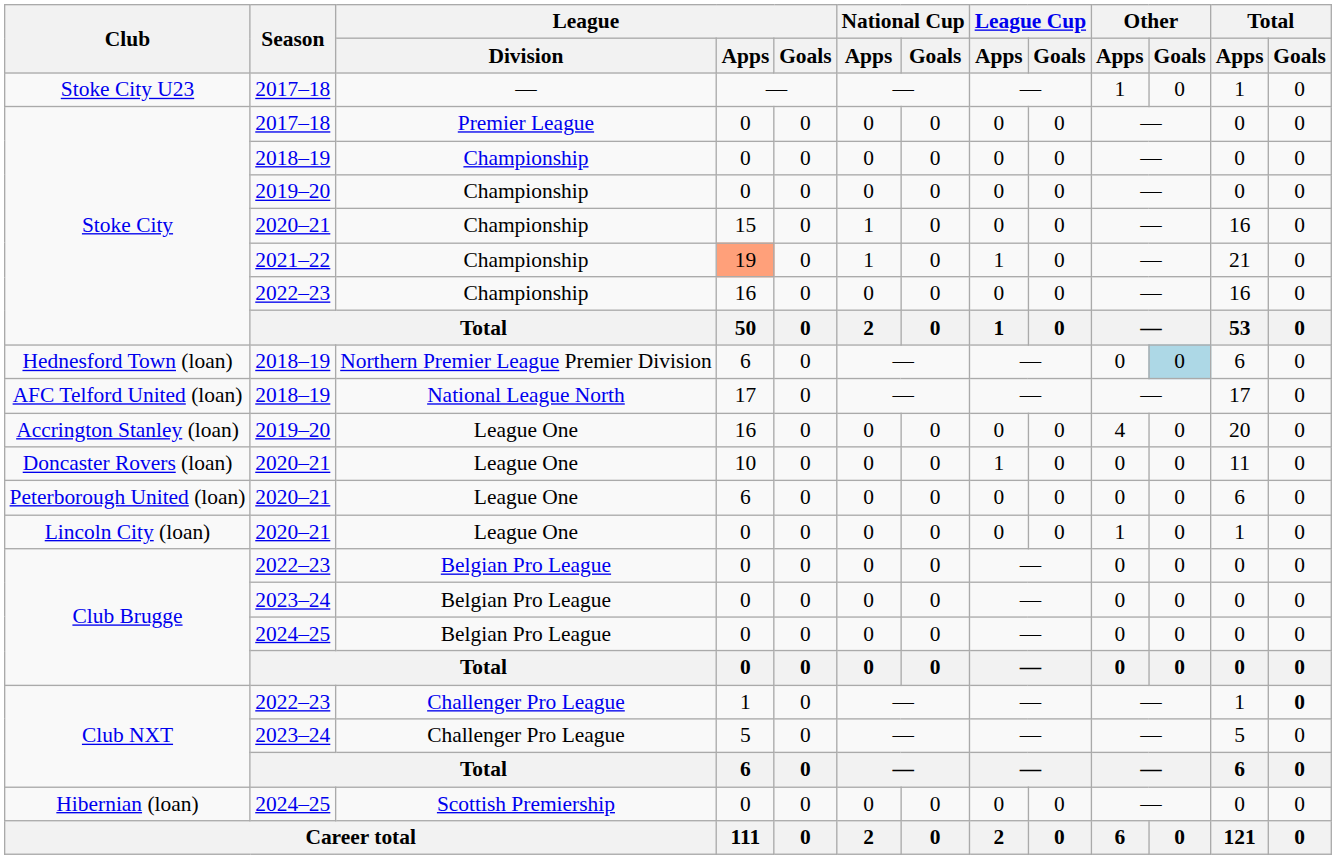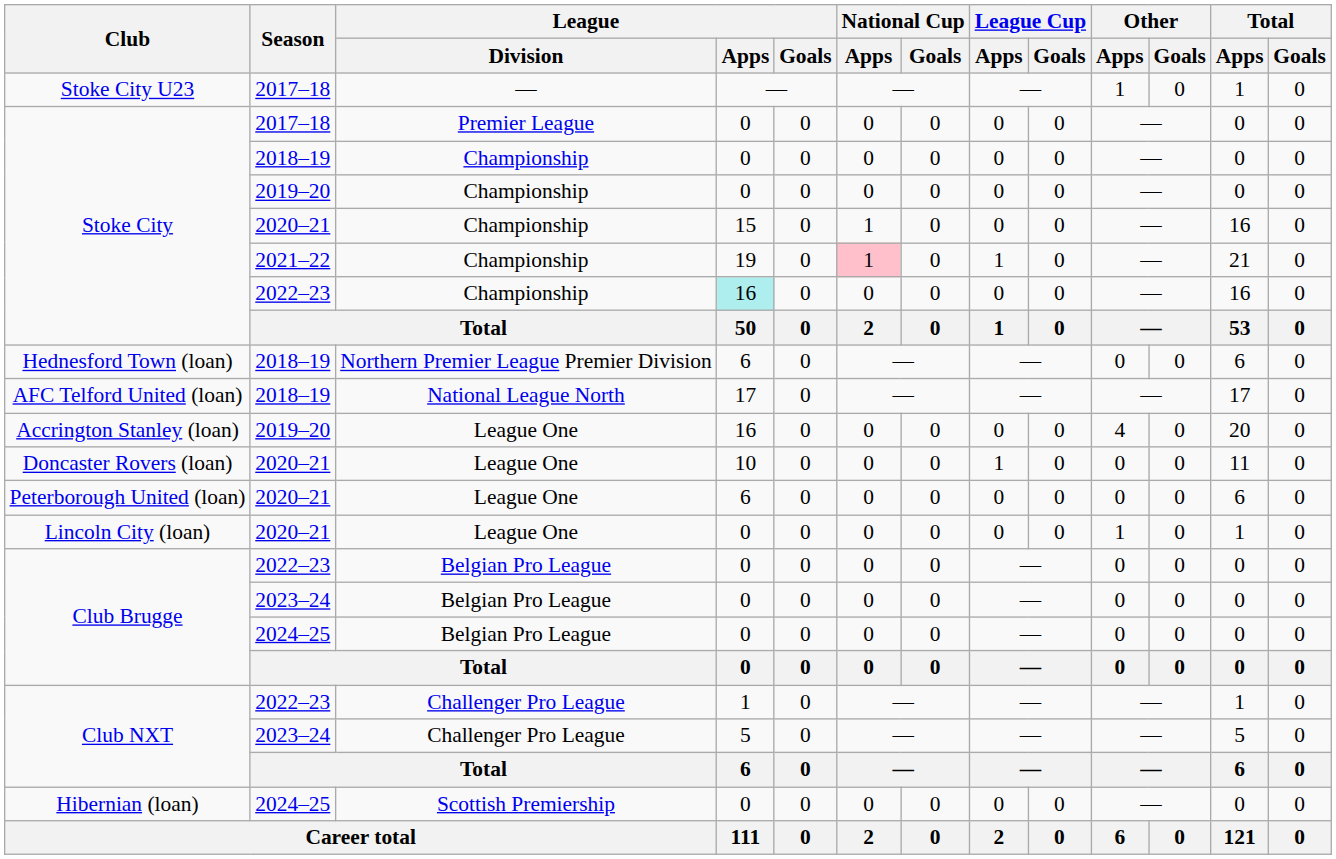 <table class="wikitable" style="text-align: center;">
 <tr>
 <th rowspan="2">Club</th>
 <th rowspan="2">Season</th>
 <th colspan="3">League</th>
 <th colspan="2">National Cup</th>
 <th colspan="2"><a href='#'>League Cup</a></th>
 <th colspan="2">Other</th>
 <th colspan="2">Total</th>
 </tr>
 <tr>
 <th>Division</th>
 <th>Apps</th>
 <th>Goals</th>
 <th>Apps</th>
 <th>Goals</th>
 <th>Apps</th>
 <th>Goals</th>
 <th>Apps</th>
 <th>Goals</th>
 <th>Apps</th>
 <th>Goals</th>
 </tr>
 <tr>
 <td><a href='#'>Stoke City U23</a></td>
 <td><a href='#'>2017–18</a></td>
 <td colspan=1>—</td>
 <td colspan=2>—</td>
 <td colspan=2>—</td>
 <td colspan=2>—</td>
 <td>1</td>
 <td>0</td>
 <td>1</td>
 <td>0</td>
 </tr>
 <tr>
 <td rowspan=7><a href='#'>Stoke City</a></td>
 <td><a href='#'>2017–18</a></td>
 <td><a href='#'>Premier League</a></td>
 <td>0</td>
 <td>0</td>
 <td>0</td>
 <td>0</td>
 <td>0</td>
 <td>0</td>
 <td colspan=2>—</td>
 <td>0</td>
 <td>0</td>
 </tr>
 <tr>
 <td><a href='#'>2018–19</a></td>
 <td><a href='#'>Championship</a></td>
 <td>0</td>
 <td>0</td>
 <td>0</td>
 <td>0</td>
 <td>0</td>
 <td>0</td>
 <td colspan=2>—</td>
 <td>0</td>
 <td>0</td>
 </tr>
 <tr>
 <td><a href='#'>2019–20</a></td>
 <td>Championship</td>
 <td>0</td>
 <td>0</td>
 <td>0</td>
 <td>0</td>
 <td>0</td>
 <td>0</td>
 <td colspan=2>—</td>
 <td>0</td>
 <td>0</td>
 </tr>
 <tr>
 <td><a href='#'>2020–21</a></td>
 <td>Championship</td>
 <td>15</td>
 <td>0</td>
 <td>1</td>
 <td>0</td>
 <td>0</td>
 <td>0</td>
 <td colspan=2>—</td>
 <td>16</td>
 <td>0</td>
 </tr>
 <tr>
 <td><a href='#'>2021–22</a></td>
 <td>Championship</td>
-<td style="background: lightsalmon;">19</td>
+<td>19</td>
 <td>0</td>
-<td>1</td>
+<td style="background: pink;">1</td>
 <td>0</td>
 <td>1</td>
 <td>0</td>
 <td colspan=2>—</td>
 <td>21</td>
 <td>0</td>
 </tr>
 <tr>
 <td><a href='#'>2022–23</a></td>
 <td>Championship</td>
-<td>16</td>
+<td style="background: paleturquoise;">16</td>
 <td>0</td>
 <td>0</td>
 <td>0</td>
 <td>0</td>
 <td>0</td>
 <td colspan=2>—</td>
 <td>16</td>
 <td>0</td>
 </tr>
 <tr>
 <th colspan="2">Total</th>
 <th>50</th>
 <th>0</th>
 <th>2</th>
 <th>0</th>
 <th>1</th>
 <th>0</th>
 <th colspan=2>—</th>
 <th>53</th>
 <th>0</th>
 </tr>
 <tr>
 <td><a href='#'>Hednesford Town</a> (loan)</td>
 <td><a href='#'>2018–19</a></td>
 <td><a href='#'>Northern Premier League</a> Premier Division</td>
 <td>6</td>
 <td>0</td>
 <td colspan=2>—</td>
 <td colspan=2>—</td>
 <td>0</td>
-<td style="background: lightblue;">0</td>
+<td>0</td>
 <td>6</td>
 <td>0</td>
 </tr>
 <tr>
 <td><a href='#'>AFC Telford United</a> (loan)</td>
 <td><a href='#'>2018–19</a></td>
 <td><a href='#'>National League North</a></td>
 <td>17</td>
 <td>0</td>
 <td colspan=2>—</td>
 <td colspan=2>—</td>
 <td colspan=2>—</td>
 <td>17</td>
 <td>0</td>
 </tr>
 <tr>
 <td><a href='#'>Accrington Stanley</a> (loan)</td>
 <td><a href='#'>2019–20</a></td>
 <td>League One</td>
 <td>16</td>
 <td>0</td>
 <td>0</td>
 <td>0</td>
 <td>0</td>
 <td>0</td>
 <td>4</td>
 <td>0</td>
 <td>20</td>
 <td>0</td>
 </tr>
 <tr>
 <td><a href='#'>Doncaster Rovers</a> (loan)</td>
 <td><a href='#'>2020–21</a></td>
 <td>League One</td>
 <td>10</td>
 <td>0</td>
 <td>0</td>
 <td>0</td>
 <td>1</td>
 <td>0</td>
 <td>0</td>
 <td>0</td>
 <td>11</td>
 <td>0</td>
 </tr>
 <tr>
 <td><a href='#'>Peterborough United</a> (loan)</td>
 <td><a href='#'>2020–21</a></td>
 <td>League One</td>
 <td>6</td>
 <td>0</td>
 <td>0</td>
 <td>0</td>
 <td>0</td>
 <td>0</td>
 <td>0</td>
 <td>0</td>
 <td>6</td>
 <td>0</td>
 </tr>
 <tr>
 <td><a href='#'>Lincoln City</a> (loan)</td>
 <td><a href='#'>2020–21</a></td>
 <td>League One</td>
 <td>0</td>
 <td>0</td>
 <td>0</td>
 <td>0</td>
 <td>0</td>
 <td>0</td>
 <td>1</td>
 <td>0</td>
 <td>1</td>
 <td>0</td>
 </tr>
 <tr>
 <td rowspan=4><a href='#'>Club Brugge</a></td>
 <td><a href='#'>2022–23</a></td>
 <td><a href='#'>Belgian Pro League</a></td>
 <td>0</td>
 <td>0</td>
 <td>0</td>
 <td>0</td>
 <td colspan="2">—</td>
 <td>0</td>
 <td>0</td>
 <td>0</td>
 <td>0</td>
 </tr>
 <tr>
 <td><a href='#'>2023–24</a></td>
 <td>Belgian Pro League</td>
 <td>0</td>
 <td>0</td>
 <td>0</td>
 <td>0</td>
 <td colspan="2">—</td>
 <td>0</td>
 <td>0</td>
 <td>0</td>
 <td>0</td>
 </tr>
 <tr>
 <td><a href='#'>2024–25</a></td>
 <td>Belgian Pro League</td>
 <td>0</td>
 <td>0</td>
 <td>0</td>
 <td>0</td>
 <td colspan="2">—</td>
 <td>0</td>
 <td>0</td>
 <td>0</td>
 <td>0</td>
 </tr>
 <tr>
 <th colspan="2">Total</th>
 <th>0</th>
 <th>0</th>
 <th>0</th>
 <th>0</th>
 <th colspan=2>—</th>
 <th>0</th>
 <th>0</th>
 <th>0</th>
 <th>0</th>
 </tr>
 <tr>
 <td rowspan=3><a href='#'>Club NXT</a></td>
 <td><a href='#'>2022–23</a></td>
 <td><a href='#'>Challenger Pro League</a></td>
 <td>1</td>
 <td>0</td>
 <td colspan="2">—</td>
 <td colspan="2">—</td>
 <td colspan="2">—</td>
 <td>1</td>
-<td><strong>0</strong></td>
+<td>0</td>
 </tr>
 <tr>
 <td><a href='#'>2023–24</a></td>
 <td>Challenger Pro League</td>
 <td>5</td>
 <td>0</td>
 <td colspan="2">—</td>
 <td colspan="2">—</td>
 <td colspan="2">—</td>
 <td>5</td>
 <td>0</td>
 </tr>
 <tr>
 <th colspan="2">Total</th>
 <th>6</th>
 <th>0</th>
 <th colspan=2>—</th>
 <th colspan=2>—</th>
 <th colspan=2>—</th>
 <th>6</th>
 <th>0</th>
 </tr>
 <tr>
 <td><a href='#'>Hibernian</a> (loan)</td>
 <td><a href='#'>2024–25</a></td>
 <td><a href='#'>Scottish Premiership</a></td>
 <td>0</td>
 <td>0</td>
 <td>0</td>
 <td>0</td>
 <td>0</td>
 <td>0</td>
 <td colspan="2">—</td>
 <td>0</td>
 <td>0</td>
 </tr>
 <tr>
 <th colspan="3">Career total</th>
 <th>111</th>
 <th>0</th>
 <th>2</th>
 <th>0</th>
 <th>2</th>
 <th>0</th>
 <th>6</th>
 <th>0</th>
 <th>121</th>
 <th>0</th>
 </tr>
 </table>
